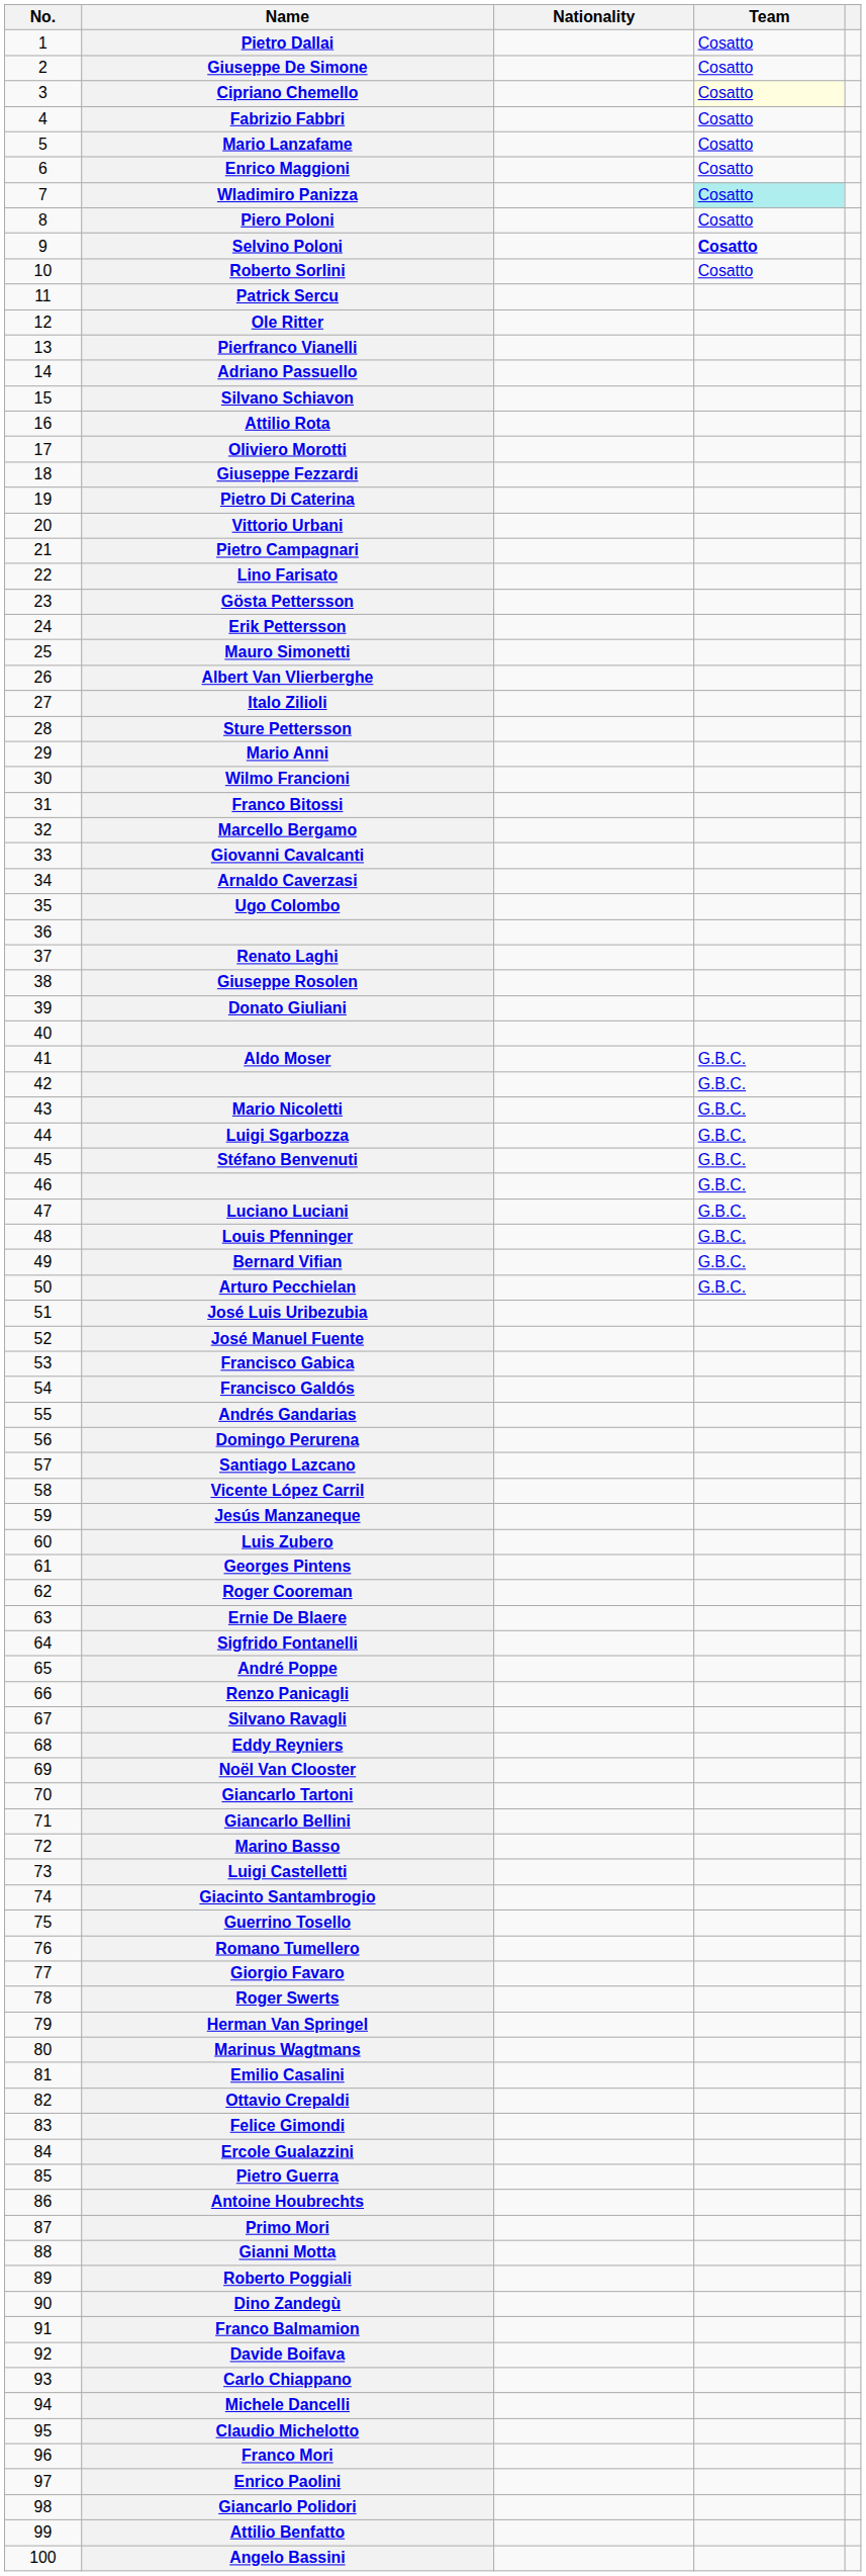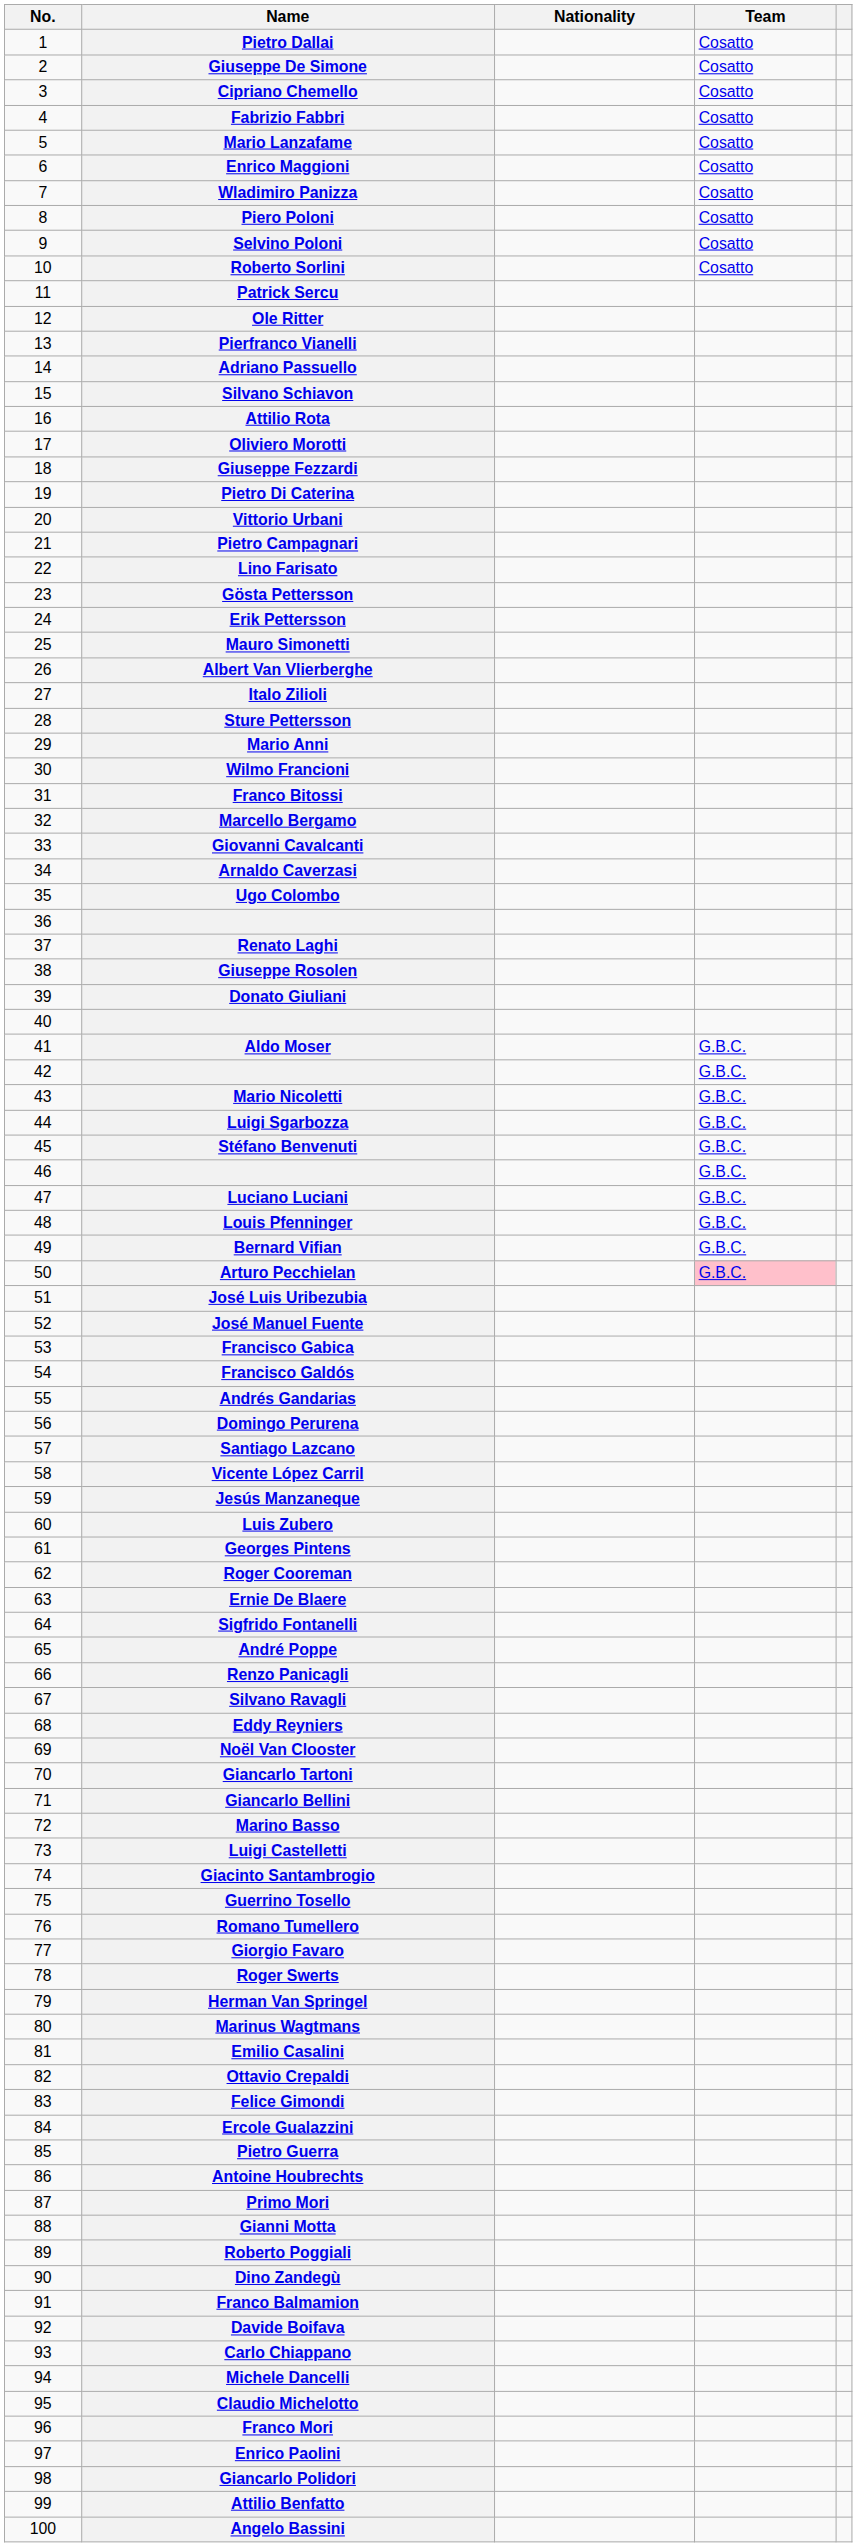 <table class="wikitable plainrowheaders sortable" style="width:97%">
 <tr>
 <th scope="col">No.</th>
 <th scope="col">Name</th>
 <th scope="col">Nationality</th>
 <th scope="col">Team</th>
 <th scope="col" class="unsortable"></th>
 </tr>
 <tr>
 <td style="text-align:center;">1</td>
 <th scope="row"><a href='#'>Pietro Dallai</a></th>
 <td></td>
 <td><a href='#'>Cosatto</a></td>
 <td style="text-align:center;"></td>
 </tr>
 <tr>
 <td style="text-align:center;">2</td>
 <th scope="row"><a href='#'>Giuseppe De Simone</a></th>
 <td></td>
 <td><a href='#'>Cosatto</a></td>
 <td style="text-align:center;"></td>
 </tr>
 <tr>
 <td style="text-align:center;">3</td>
 <th scope="row"><a href='#'>Cipriano Chemello</a></th>
 <td></td>
-<td style="background: lightyellow;"><a href='#'>Cosatto</a></td>
+<td><a href='#'>Cosatto</a></td>
 <td style="text-align:center;"></td>
 </tr>
 <tr>
 <td style="text-align:center;">4</td>
 <th scope="row"><a href='#'>Fabrizio Fabbri</a></th>
 <td></td>
 <td><a href='#'>Cosatto</a></td>
 <td style="text-align:center;"></td>
 </tr>
 <tr>
 <td style="text-align:center;">5</td>
 <th scope="row"><a href='#'>Mario Lanzafame</a></th>
 <td></td>
 <td><a href='#'>Cosatto</a></td>
 <td style="text-align:center;"></td>
 </tr>
 <tr>
 <td style="text-align:center;">6</td>
 <th scope="row"><a href='#'>Enrico Maggioni</a></th>
 <td></td>
 <td><a href='#'>Cosatto</a></td>
 <td style="text-align:center;"></td>
 </tr>
 <tr>
 <td style="text-align:center;">7</td>
 <th scope="row"><a href='#'>Wladimiro Panizza</a></th>
 <td></td>
-<td style="background: paleturquoise;"><a href='#'>Cosatto</a></td>
+<td><a href='#'>Cosatto</a></td>
 <td style="text-align:center;"></td>
 </tr>
 <tr>
 <td style="text-align:center;">8</td>
 <th scope="row"><a href='#'>Piero Poloni</a></th>
 <td></td>
 <td><a href='#'>Cosatto</a></td>
 <td style="text-align:center;"></td>
 </tr>
 <tr>
 <td style="text-align:center;">9</td>
 <th scope="row"><a href='#'>Selvino Poloni</a></th>
 <td></td>
-<td><strong><a href='#'>Cosatto</a></strong></td>
+<td><a href='#'>Cosatto</a></td>
 <td style="text-align:center;"></td>
 </tr>
 <tr>
 <td style="text-align:center;">10</td>
 <th scope="row"><a href='#'>Roberto Sorlini</a></th>
 <td></td>
 <td><a href='#'>Cosatto</a></td>
 <td style="text-align:center;"></td>
 </tr>
 <tr>
 <td style="text-align:center;">11</td>
 <th scope="row"><a href='#'>Patrick Sercu</a></th>
 <td></td>
 <td></td>
 <td style="text-align:center;"></td>
 </tr>
 <tr>
 <td style="text-align:center;">12</td>
 <th scope="row"><a href='#'>Ole Ritter</a></th>
 <td></td>
 <td></td>
 <td style="text-align:center;"></td>
 </tr>
 <tr>
 <td style="text-align:center;">13</td>
 <th scope="row"><a href='#'>Pierfranco Vianelli</a></th>
 <td></td>
 <td></td>
 <td style="text-align:center;"></td>
 </tr>
 <tr>
 <td style="text-align:center;">14</td>
 <th scope="row"><a href='#'>Adriano Passuello</a></th>
 <td></td>
 <td></td>
 <td style="text-align:center;"></td>
 </tr>
 <tr>
 <td style="text-align:center;">15</td>
 <th scope="row"><a href='#'>Silvano Schiavon</a></th>
 <td></td>
 <td></td>
 <td style="text-align:center;"></td>
 </tr>
 <tr>
 <td style="text-align:center;">16</td>
 <th scope="row"><a href='#'>Attilio Rota</a></th>
 <td></td>
 <td></td>
 <td style="text-align:center;"></td>
 </tr>
 <tr>
 <td style="text-align:center;">17</td>
 <th scope="row"><a href='#'>Oliviero Morotti</a></th>
 <td></td>
 <td></td>
 <td style="text-align:center;"></td>
 </tr>
 <tr>
 <td style="text-align:center;">18</td>
 <th scope="row"><a href='#'>Giuseppe Fezzardi</a></th>
 <td></td>
 <td></td>
 <td style="text-align:center;"></td>
 </tr>
 <tr>
 <td style="text-align:center;">19</td>
 <th scope="row"><a href='#'>Pietro Di Caterina</a></th>
 <td></td>
 <td></td>
 <td style="text-align:center;"></td>
 </tr>
 <tr>
 <td style="text-align:center;">20</td>
 <th scope="row"><a href='#'>Vittorio Urbani</a></th>
 <td></td>
 <td></td>
 <td style="text-align:center;"></td>
 </tr>
 <tr>
 <td style="text-align:center;">21</td>
 <th scope="row"><a href='#'>Pietro Campagnari</a></th>
 <td></td>
 <td></td>
 <td style="text-align:center;"></td>
 </tr>
 <tr>
 <td style="text-align:center;">22</td>
 <th scope="row"><a href='#'>Lino Farisato</a></th>
 <td></td>
 <td></td>
 <td style="text-align:center;"></td>
 </tr>
 <tr>
 <td style="text-align:center;">23</td>
 <th scope="row"><a href='#'>Gösta Pettersson</a></th>
 <td></td>
 <td></td>
 <td style="text-align:center;"></td>
 </tr>
 <tr>
 <td style="text-align:center;">24</td>
 <th scope="row"><a href='#'>Erik Pettersson</a></th>
 <td></td>
 <td></td>
 <td style="text-align:center;"></td>
 </tr>
 <tr>
 <td style="text-align:center;">25</td>
 <th scope="row"><a href='#'>Mauro Simonetti</a></th>
 <td></td>
 <td></td>
 <td style="text-align:center;"></td>
 </tr>
 <tr>
 <td style="text-align:center;">26</td>
 <th scope="row"><a href='#'>Albert Van Vlierberghe</a></th>
 <td></td>
 <td></td>
 <td style="text-align:center;"></td>
 </tr>
 <tr>
 <td style="text-align:center;">27</td>
 <th scope="row"><a href='#'>Italo Zilioli</a></th>
 <td></td>
 <td></td>
 <td style="text-align:center;"></td>
 </tr>
 <tr>
 <td style="text-align:center;">28</td>
 <th scope="row"><a href='#'>Sture Pettersson</a></th>
 <td></td>
 <td></td>
 <td style="text-align:center;"></td>
 </tr>
 <tr>
 <td style="text-align:center;">29</td>
 <th scope="row"><a href='#'>Mario Anni</a></th>
 <td></td>
 <td></td>
 <td style="text-align:center;"></td>
 </tr>
 <tr>
 <td style="text-align:center;">30</td>
 <th scope="row"><a href='#'>Wilmo Francioni</a></th>
 <td></td>
 <td></td>
 <td style="text-align:center;"></td>
 </tr>
 <tr>
 <td style="text-align:center;">31</td>
 <th scope="row"><a href='#'>Franco Bitossi</a></th>
 <td></td>
 <td></td>
 <td style="text-align:center;"></td>
 </tr>
 <tr>
 <td style="text-align:center;">32</td>
 <th scope="row"><a href='#'>Marcello Bergamo</a></th>
 <td></td>
 <td></td>
 <td style="text-align:center;"></td>
 </tr>
 <tr>
 <td style="text-align:center;">33</td>
 <th scope="row"><a href='#'>Giovanni Cavalcanti</a></th>
 <td></td>
 <td></td>
 <td style="text-align:center;"></td>
 </tr>
 <tr>
 <td style="text-align:center;">34</td>
 <th scope="row"><a href='#'>Arnaldo Caverzasi</a></th>
 <td></td>
 <td></td>
 <td style="text-align:center;"></td>
 </tr>
 <tr>
 <td style="text-align:center;">35</td>
 <th scope="row"><a href='#'>Ugo Colombo</a></th>
 <td></td>
 <td></td>
 <td style="text-align:center;"></td>
 </tr>
 <tr>
 <td style="text-align:center;">36</td>
 <th scope="row"></th>
 <td></td>
 <td></td>
 <td style="text-align:center;"></td>
 </tr>
 <tr>
 <td style="text-align:center;">37</td>
 <th scope="row"><a href='#'>Renato Laghi</a></th>
 <td></td>
 <td></td>
 <td style="text-align:center;"></td>
 </tr>
 <tr>
 <td style="text-align:center;">38</td>
 <th scope="row"><a href='#'>Giuseppe Rosolen</a></th>
 <td></td>
 <td></td>
 <td style="text-align:center;"></td>
 </tr>
 <tr>
 <td style="text-align:center;">39</td>
 <th scope="row"><a href='#'>Donato Giuliani</a></th>
 <td></td>
 <td></td>
 <td style="text-align:center;"></td>
 </tr>
 <tr>
 <td style="text-align:center;">40</td>
 <th scope="row"></th>
 <td></td>
 <td></td>
 <td style="text-align:center;"></td>
 </tr>
 <tr>
 <td style="text-align:center;">41</td>
 <th scope="row"><a href='#'>Aldo Moser</a></th>
 <td></td>
 <td><a href='#'>G.B.C.</a></td>
 <td style="text-align:center;"></td>
 </tr>
 <tr>
 <td style="text-align:center;">42</td>
 <th scope="row"></th>
 <td></td>
 <td><a href='#'>G.B.C.</a></td>
 <td style="text-align:center;"></td>
 </tr>
 <tr>
 <td style="text-align:center;">43</td>
 <th scope="row"><a href='#'>Mario Nicoletti</a></th>
 <td></td>
 <td><a href='#'>G.B.C.</a></td>
 <td style="text-align:center;"></td>
 </tr>
 <tr>
 <td style="text-align:center;">44</td>
 <th scope="row"><a href='#'>Luigi Sgarbozza</a></th>
 <td></td>
 <td><a href='#'>G.B.C.</a></td>
 <td style="text-align:center;"></td>
 </tr>
 <tr>
 <td style="text-align:center;">45</td>
 <th scope="row"><a href='#'>Stéfano Benvenuti</a></th>
 <td></td>
 <td><a href='#'>G.B.C.</a></td>
 <td style="text-align:center;"></td>
 </tr>
 <tr>
 <td style="text-align:center;">46</td>
 <th scope="row"></th>
 <td></td>
 <td><a href='#'>G.B.C.</a></td>
 <td style="text-align:center;"></td>
 </tr>
 <tr>
 <td style="text-align:center;">47</td>
 <th scope="row"><a href='#'>Luciano Luciani</a></th>
 <td></td>
 <td><a href='#'>G.B.C.</a></td>
 <td style="text-align:center;"></td>
 </tr>
 <tr>
 <td style="text-align:center;">48</td>
 <th scope="row"><a href='#'>Louis Pfenninger</a></th>
 <td></td>
 <td><a href='#'>G.B.C.</a></td>
 <td style="text-align:center;"></td>
 </tr>
 <tr>
 <td style="text-align:center;">49</td>
 <th scope="row"><a href='#'>Bernard Vifian</a></th>
 <td></td>
 <td><a href='#'>G.B.C.</a></td>
 <td style="text-align:center;"></td>
 </tr>
 <tr>
 <td style="text-align:center;">50</td>
 <th scope="row"><a href='#'>Arturo Pecchielan</a></th>
 <td></td>
-<td><a href='#'>G.B.C.</a></td>
+<td style="background: pink;"><a href='#'>G.B.C.</a></td>
 <td style="text-align:center;"></td>
 </tr>
 <tr>
 <td style="text-align:center;">51</td>
 <th scope="row"><a href='#'>José Luis Uribezubia</a></th>
 <td></td>
 <td></td>
 <td style="text-align:center;"></td>
 </tr>
 <tr>
 <td style="text-align:center;">52</td>
 <th scope="row"><a href='#'>José Manuel Fuente</a></th>
 <td></td>
 <td></td>
 <td style="text-align:center;"></td>
 </tr>
 <tr>
 <td style="text-align:center;">53</td>
 <th scope="row"><a href='#'>Francisco Gabica</a></th>
 <td></td>
 <td></td>
 <td style="text-align:center;"></td>
 </tr>
 <tr>
 <td style="text-align:center;">54</td>
 <th scope="row"><a href='#'>Francisco Galdós</a></th>
 <td></td>
 <td></td>
 <td style="text-align:center;"></td>
 </tr>
 <tr>
 <td style="text-align:center;">55</td>
 <th scope="row"><a href='#'>Andrés Gandarias</a></th>
 <td></td>
 <td></td>
 <td style="text-align:center;"></td>
 </tr>
 <tr>
 <td style="text-align:center;">56</td>
 <th scope="row"><a href='#'>Domingo Perurena</a></th>
 <td></td>
 <td></td>
 <td style="text-align:center;"></td>
 </tr>
 <tr>
 <td style="text-align:center;">57</td>
 <th scope="row"><a href='#'>Santiago Lazcano</a></th>
 <td></td>
 <td></td>
 <td style="text-align:center;"></td>
 </tr>
 <tr>
 <td style="text-align:center;">58</td>
 <th scope="row"><a href='#'>Vicente López Carril</a></th>
 <td></td>
 <td></td>
 <td style="text-align:center;"></td>
 </tr>
 <tr>
 <td style="text-align:center;">59</td>
 <th scope="row"><a href='#'>Jesús Manzaneque</a></th>
 <td></td>
 <td></td>
 <td style="text-align:center;"></td>
 </tr>
 <tr>
 <td style="text-align:center;">60</td>
 <th scope="row"><a href='#'>Luis Zubero</a></th>
 <td></td>
 <td></td>
 <td style="text-align:center;"></td>
 </tr>
 <tr>
 <td style="text-align:center;">61</td>
 <th scope="row"><a href='#'>Georges Pintens</a></th>
 <td></td>
 <td></td>
 <td style="text-align:center;"></td>
 </tr>
 <tr>
 <td style="text-align:center;">62</td>
 <th scope="row"><a href='#'>Roger Cooreman</a></th>
 <td></td>
 <td></td>
 <td style="text-align:center;"></td>
 </tr>
 <tr>
 <td style="text-align:center;">63</td>
 <th scope="row"><a href='#'>Ernie De Blaere</a></th>
 <td></td>
 <td></td>
 <td style="text-align:center;"></td>
 </tr>
 <tr>
 <td style="text-align:center;">64</td>
 <th scope="row"><a href='#'>Sigfrido Fontanelli</a></th>
 <td></td>
 <td></td>
 <td style="text-align:center;"></td>
 </tr>
 <tr>
 <td style="text-align:center;">65</td>
 <th scope="row"><a href='#'>André Poppe</a></th>
 <td></td>
 <td></td>
 <td style="text-align:center;"></td>
 </tr>
 <tr>
 <td style="text-align:center;">66</td>
 <th scope="row"><a href='#'>Renzo Panicagli</a></th>
 <td></td>
 <td></td>
 <td style="text-align:center;"></td>
 </tr>
 <tr>
 <td style="text-align:center;">67</td>
 <th scope="row"><a href='#'>Silvano Ravagli</a></th>
 <td></td>
 <td></td>
 <td style="text-align:center;"></td>
 </tr>
 <tr>
 <td style="text-align:center;">68</td>
 <th scope="row"><a href='#'>Eddy Reyniers</a></th>
 <td></td>
 <td></td>
 <td style="text-align:center;"></td>
 </tr>
 <tr>
 <td style="text-align:center;">69</td>
 <th scope="row"><a href='#'>Noël Van Clooster</a></th>
 <td></td>
 <td></td>
 <td style="text-align:center;"></td>
 </tr>
 <tr>
 <td style="text-align:center;">70</td>
 <th scope="row"><a href='#'>Giancarlo Tartoni</a></th>
 <td></td>
 <td></td>
 <td style="text-align:center;"></td>
 </tr>
 <tr>
 <td style="text-align:center;">71</td>
 <th scope="row"><a href='#'>Giancarlo Bellini</a></th>
 <td></td>
 <td></td>
 <td style="text-align:center;"></td>
 </tr>
 <tr>
 <td style="text-align:center;">72</td>
 <th scope="row"><a href='#'>Marino Basso</a></th>
 <td></td>
 <td></td>
 <td style="text-align:center;"></td>
 </tr>
 <tr>
 <td style="text-align:center;">73</td>
 <th scope="row"><a href='#'>Luigi Castelletti</a></th>
 <td></td>
 <td></td>
 <td style="text-align:center;"></td>
 </tr>
 <tr>
 <td style="text-align:center;">74</td>
 <th scope="row"><a href='#'>Giacinto Santambrogio</a></th>
 <td></td>
 <td></td>
 <td style="text-align:center;"></td>
 </tr>
 <tr>
 <td style="text-align:center;">75</td>
 <th scope="row"><a href='#'>Guerrino Tosello</a></th>
 <td></td>
 <td></td>
 <td style="text-align:center;"></td>
 </tr>
 <tr>
 <td style="text-align:center;">76</td>
 <th scope="row"><a href='#'>Romano Tumellero</a></th>
 <td></td>
 <td></td>
 <td style="text-align:center;"></td>
 </tr>
 <tr>
 <td style="text-align:center;">77</td>
 <th scope="row"><a href='#'>Giorgio Favaro</a></th>
 <td></td>
 <td></td>
 <td style="text-align:center;"></td>
 </tr>
 <tr>
 <td style="text-align:center;">78</td>
 <th scope="row"><a href='#'>Roger Swerts</a></th>
 <td></td>
 <td></td>
 <td style="text-align:center;"></td>
 </tr>
 <tr>
 <td style="text-align:center;">79</td>
 <th scope="row"><a href='#'>Herman Van Springel</a></th>
 <td></td>
 <td></td>
 <td style="text-align:center;"></td>
 </tr>
 <tr>
 <td style="text-align:center;">80</td>
 <th scope="row"><a href='#'>Marinus Wagtmans</a></th>
 <td></td>
 <td></td>
 <td style="text-align:center;"></td>
 </tr>
 <tr>
 <td style="text-align:center;">81</td>
 <th scope="row"><a href='#'>Emilio Casalini</a></th>
 <td></td>
 <td></td>
 <td style="text-align:center;"></td>
 </tr>
 <tr>
 <td style="text-align:center;">82</td>
 <th scope="row"><a href='#'>Ottavio Crepaldi</a></th>
 <td></td>
 <td></td>
 <td style="text-align:center;"></td>
 </tr>
 <tr>
 <td style="text-align:center;">83</td>
 <th scope="row"><a href='#'>Felice Gimondi</a></th>
 <td></td>
 <td></td>
 <td style="text-align:center;"></td>
 </tr>
 <tr>
 <td style="text-align:center;">84</td>
 <th scope="row"><a href='#'>Ercole Gualazzini</a></th>
 <td></td>
 <td></td>
 <td style="text-align:center;"></td>
 </tr>
 <tr>
 <td style="text-align:center;">85</td>
 <th scope="row"><a href='#'>Pietro Guerra</a></th>
 <td></td>
 <td></td>
 <td style="text-align:center;"></td>
 </tr>
 <tr>
 <td style="text-align:center;">86</td>
 <th scope="row"><a href='#'>Antoine Houbrechts</a></th>
 <td></td>
 <td></td>
 <td style="text-align:center;"></td>
 </tr>
 <tr>
 <td style="text-align:center;">87</td>
 <th scope="row"><a href='#'>Primo Mori</a></th>
 <td></td>
 <td></td>
 <td style="text-align:center;"></td>
 </tr>
 <tr>
 <td style="text-align:center;">88</td>
 <th scope="row"><a href='#'>Gianni Motta</a></th>
 <td></td>
 <td></td>
 <td style="text-align:center;"></td>
 </tr>
 <tr>
 <td style="text-align:center;">89</td>
 <th scope="row"><a href='#'>Roberto Poggiali</a></th>
 <td></td>
 <td></td>
 <td style="text-align:center;"></td>
 </tr>
 <tr>
 <td style="text-align:center;">90</td>
 <th scope="row"><a href='#'>Dino Zandegù</a></th>
 <td></td>
 <td></td>
 <td style="text-align:center;"></td>
 </tr>
 <tr>
 <td style="text-align:center;">91</td>
 <th scope="row"><a href='#'>Franco Balmamion</a></th>
 <td></td>
 <td></td>
 <td style="text-align:center;"></td>
 </tr>
 <tr>
 <td style="text-align:center;">92</td>
 <th scope="row"><a href='#'>Davide Boifava</a></th>
 <td></td>
 <td></td>
 <td style="text-align:center;"></td>
 </tr>
 <tr>
 <td style="text-align:center;">93</td>
 <th scope="row"><a href='#'>Carlo Chiappano</a></th>
 <td></td>
 <td></td>
 <td style="text-align:center;"></td>
 </tr>
 <tr>
 <td style="text-align:center;">94</td>
 <th scope="row"><a href='#'>Michele Dancelli</a></th>
 <td></td>
 <td></td>
 <td style="text-align:center;"></td>
 </tr>
 <tr>
 <td style="text-align:center;">95</td>
 <th scope="row"><a href='#'>Claudio Michelotto</a></th>
 <td></td>
 <td></td>
 <td style="text-align:center;"></td>
 </tr>
 <tr>
 <td style="text-align:center;">96</td>
 <th scope="row"><a href='#'>Franco Mori</a></th>
 <td></td>
 <td></td>
 <td style="text-align:center;"></td>
 </tr>
 <tr>
 <td style="text-align:center;">97</td>
 <th scope="row"><a href='#'>Enrico Paolini</a></th>
 <td></td>
 <td></td>
 <td style="text-align:center;"></td>
 </tr>
 <tr>
 <td style="text-align:center;">98</td>
 <th scope="row"><a href='#'>Giancarlo Polidori</a></th>
 <td></td>
 <td></td>
 <td style="text-align:center;"></td>
 </tr>
 <tr>
 <td style="text-align:center;">99</td>
 <th scope="row"><a href='#'>Attilio Benfatto</a></th>
 <td></td>
 <td></td>
 <td style="text-align:center;"></td>
 </tr>
 <tr>
 <td style="text-align:center;">100</td>
 <th scope="row"><a href='#'>Angelo Bassini</a></th>
 <td></td>
 <td></td>
 <td style="text-align:center;"></td>
 </tr>
 </table>
